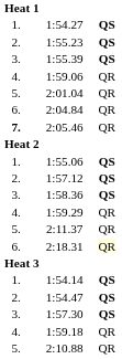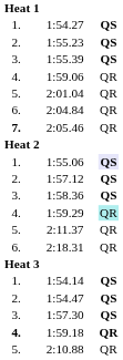 <table style="text-align:center">
 <tr>
 <td colspan=4 align=left><strong>Heat 1</strong></td>
 </tr>
 <tr>
 <td width=30>1.</td>
 <td align=left></td>
 <td width=80>1:54.27</td>
 <td><strong>QS</strong></td>
 </tr>
 <tr>
 <td>2.</td>
 <td align=left></td>
 <td>1:55.23</td>
 <td><strong>QS</strong></td>
 </tr>
 <tr>
 <td>3.</td>
 <td align=left></td>
 <td>1:55.39</td>
 <td><strong>QS</strong></td>
 </tr>
 <tr>
 <td>4.</td>
 <td align=left></td>
 <td>1:59.06</td>
 <td>QR</td>
 </tr>
 <tr>
 <td>5.</td>
 <td align=left></td>
 <td>2:01.04</td>
 <td>QR</td>
 </tr>
 <tr>
 <td>6.</td>
 <td align=left></td>
 <td>2:04.84</td>
 <td>QR</td>
 </tr>
 <tr>
 <td><strong>7.</strong></td>
 <td align=left></td>
 <td>2:05.46</td>
 <td>QR</td>
 </tr>
 <tr>
 <td colspan=4 align=left><strong>Heat 2</strong></td>
 </tr>
 <tr>
 <td>1.</td>
 <td align=left></td>
 <td>1:55.06</td>
-<td><strong>QS</strong></td>
+<td style="background: lavender;"><strong>QS</strong></td>
 </tr>
 <tr>
 <td>2.</td>
 <td align=left></td>
 <td>1:57.12</td>
 <td><strong>QS</strong></td>
 </tr>
 <tr>
 <td>3.</td>
 <td align=left></td>
 <td>1:58.36</td>
 <td><strong>QS</strong></td>
 </tr>
 <tr>
 <td>4.</td>
 <td align=left></td>
 <td>1:59.29</td>
-<td>QR</td>
+<td style="background: paleturquoise;">QR</td>
 </tr>
 <tr>
 <td>5.</td>
 <td align=left></td>
 <td>2:11.37</td>
 <td>QR</td>
 </tr>
 <tr>
 <td>6.</td>
 <td align=left></td>
 <td>2:18.31</td>
-<td style="background: lightyellow;">QR</td>
+<td>QR</td>
 </tr>
 <tr>
 <td colspan=4 align=left><strong>Heat 3</strong></td>
 </tr>
 <tr>
 <td>1.</td>
 <td align=left></td>
 <td>1:54.14</td>
 <td><strong>QS</strong></td>
 </tr>
 <tr>
 <td>2.</td>
 <td align=left></td>
 <td>1:54.47</td>
 <td><strong>QS</strong></td>
 </tr>
 <tr>
 <td>3.</td>
 <td align=left></td>
 <td>1:57.30</td>
 <td><strong>QS</strong></td>
 </tr>
 <tr>
-<td>4.</td>
+<td><strong>4.</strong></td>
 <td align=left></td>
 <td>1:59.18</td>
-<td>QR</td>
+<td><strong>QR</strong></td>
 </tr>
 <tr>
 <td>5.</td>
 <td align=left></td>
 <td>2:10.88</td>
 <td>QR</td>
 </tr>
 </table>
